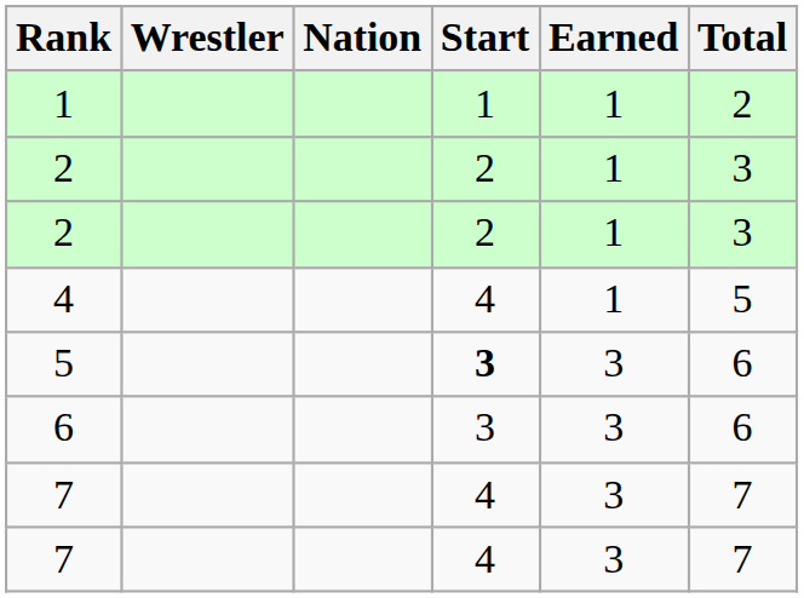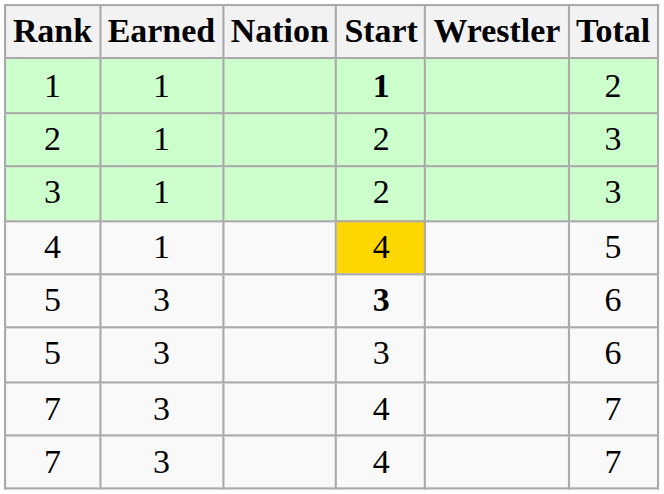 <table class="wikitable sortable" style="text-align:center;">
 <tr>
 <th>Rank</th>
-<th>Wrestler</th>
+<th>Earned</th>
 <th>Nation</th>
 <th>Start</th>
-<th>Earned</th>
+<th>Wrestler</th>
 <th>Total</th>
 </tr>
 <tr style="background:#cfc;">
 <td>1</td>
+<td>1</td>
 <td align=left></td>
+<td><strong>1</strong></td>
 <td align=left></td>
-<td>1</td>
-<td>1</td>
 <td>2</td>
 </tr>
 <tr style="background:#cfc;">
 <td>2</td>
-<td align=left></td>
+<td>1</td>
 <td align=left></td>
 <td>2</td>
-<td>1</td>
+<td align=left></td>
 <td>3</td>
 </tr>
 <tr style="background:#cfc;">
+<td>3</td>
+<td>1</td>
+<td align=left></td>
 <td>2</td>
 <td align=left></td>
-<td align=left></td>
-<td>2</td>
-<td>1</td>
 <td>3</td>
 </tr>
 <tr>
 <td>4</td>
+<td>1</td>
 <td align=left></td>
+<td style="background: gold;">4</td>
 <td align=left></td>
-<td>4</td>
-<td>1</td>
 <td>5</td>
 </tr>
 <tr>
 <td>5</td>
-<td align=left></td>
+<td>3</td>
 <td align=left></td>
 <td><strong>3</strong></td>
-<td>3</td>
+<td align=left></td>
 <td>6</td>
 </tr>
 <tr>
-<td>6</td>
-<td align=left></td>
+<td>5</td>
+<td>3</td>
 <td align=left></td>
 <td>3</td>
-<td>3</td>
+<td align=left></td>
 <td>6</td>
 </tr>
 <tr>
 <td>7</td>
-<td align=left></td>
+<td>3</td>
 <td align=left></td>
 <td>4</td>
-<td>3</td>
+<td align=left></td>
 <td>7</td>
 </tr>
 <tr>
 <td>7</td>
-<td align=left></td>
+<td>3</td>
 <td align=left></td>
 <td>4</td>
-<td>3</td>
+<td align=left></td>
 <td>7</td>
 </tr>
 </table>
